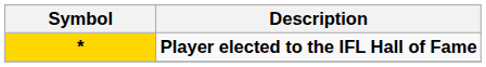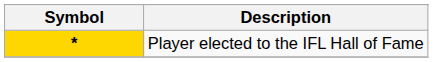 <table class="wikitable plainrowheaders">
 <tr>
 </tr>
 <tr>
 <th style="width:8em;">Symbol</th>
 <th>Description</th>
 </tr>
 <tr>
 <th scope="row" style="text-align:center; background:#FFD700;">*</th>
-<td><strong>Player elected to the IFL Hall of Fame</strong></td>
+<td>Player elected to the IFL Hall of Fame</td>
 </tr>
 <tr>
 </tr>
 </table>
